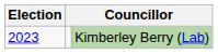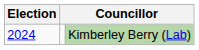 <table class="wikitable">
 <tr>
 <th>Election</th>
 <th colspan="2">Councillor</th>
 </tr>
 <tr>
-<td><a href='#'>2023</a></td>
+<td><a href='#'>2024</a></td>
 <td style="background-color: "></td>
 <td bgcolor="#B6D7A8">Kimberley Berry (<a href='#'>Lab</a>)</td>
 </tr>
 </table>
